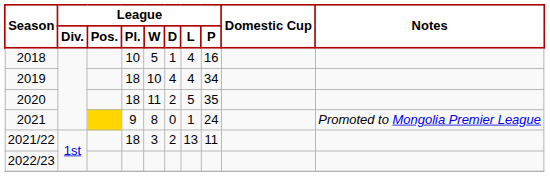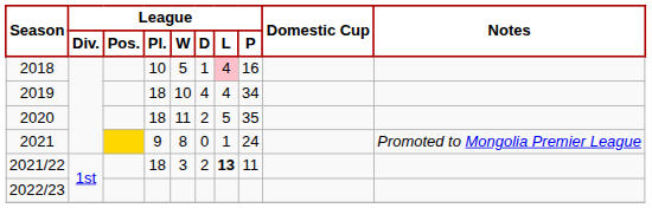 <table class="wikitable">
 <tr style="background:#d92121;">
 <th rowspan="2" ! style="background:#FFFFFF; color:#000000; border:2px solid #AD0000;" scope="col">Season</th>
 <th colspan="7" ! style="background:#FFFFFF; color:#000000; border:2px solid #AD0000;" scope="col">League</th>
 <th rowspan="2" ! style="background:#FFFFFF; color:#000000; border:2px solid #AD0000;" scope="col">Domestic Cup</th>
 <th rowspan="2" ! style="background:#FFFFFF; color:#000000; border:2px solid #AD0000;" scope="col">Notes</th>
 </tr>
 <tr>
 <th style="background:#FFFFFF; color:#000000;border:2px solid #AD0000;" scope="col">Div.</th>
 <th style="background:#FFFFFF; color:#000000;border:2px solid #AD0000;" scope="col">Pos.</th>
 <th style="background:#FFFFFF; color:#000000;border:2px solid #AD0000;" scope="col">Pl.</th>
 <th style="background:#FFFFFF; color:#000000;border:2px solid #AD0000;" scope="col">W</th>
 <th style="background:#FFFFFF; color:#000000;border:2px solid #AD0000;" scope="col">D</th>
 <th style="background:#FFFFFF; color:#000000;border:2px solid #AD0000;" scope="col">L</th>
 <th style="background:#FFFFFF; color:#000000;border:2px solid #AD0000;" scope="col">P</th>
 </tr>
 <tr>
 <td align=center>2018</td>
 <td rowspan=4></td>
 <td></td>
 <td align=center>10</td>
 <td align=center>5</td>
 <td align=center>1</td>
-<td align=center>4</td>
+<td align=center style="background: pink;">4</td>
 <td align=center>16</td>
 <td align=center></td>
 <td align=center></td>
 </tr>
 <tr>
 <td align=center>2019</td>
 <td></td>
 <td align=center>18</td>
 <td align=center>10</td>
 <td align=center>4</td>
 <td align=center>4</td>
 <td align=center>34</td>
 <td align=center></td>
 <td align=center></td>
 </tr>
 <tr>
 <td align=center>2020</td>
 <td></td>
 <td align=center>18</td>
 <td align=center>11</td>
 <td align=center>2</td>
 <td align=center>5</td>
 <td align=center>35</td>
 <td align=center></td>
 <td align=center></td>
 </tr>
 <tr>
 <td align=center>2021</td>
 <td bgcolor="#FFD700"></td>
 <td align=center>9</td>
 <td align=center>8</td>
 <td align=center>0</td>
 <td align=center>1</td>
 <td align=center>24</td>
 <td align=center></td>
 <td align=center><em>Promoted to <a href='#'>Mongolia Premier League</a></em></td>
 </tr>
 <tr>
 <td align=center>2021/22</td>
 <td rowspan=2; align=center><a href='#'>1st</a></td>
 <td></td>
 <td align=center>18</td>
 <td align=center>3</td>
 <td align=center>2</td>
-<td align=center>13</td>
+<td align=center><strong>13</strong></td>
 <td align=center>11</td>
 <td align=center></td>
 <td align=center></td>
 </tr>
 <tr>
 <td align=center>2022/23</td>
 <td></td>
 <td align=center></td>
 <td align=center></td>
 <td align=center></td>
 <td align=center></td>
 <td align=center></td>
 <td align=center></td>
 <td align=center></td>
 </tr>
 <tr>
 </tr>
 </table>
